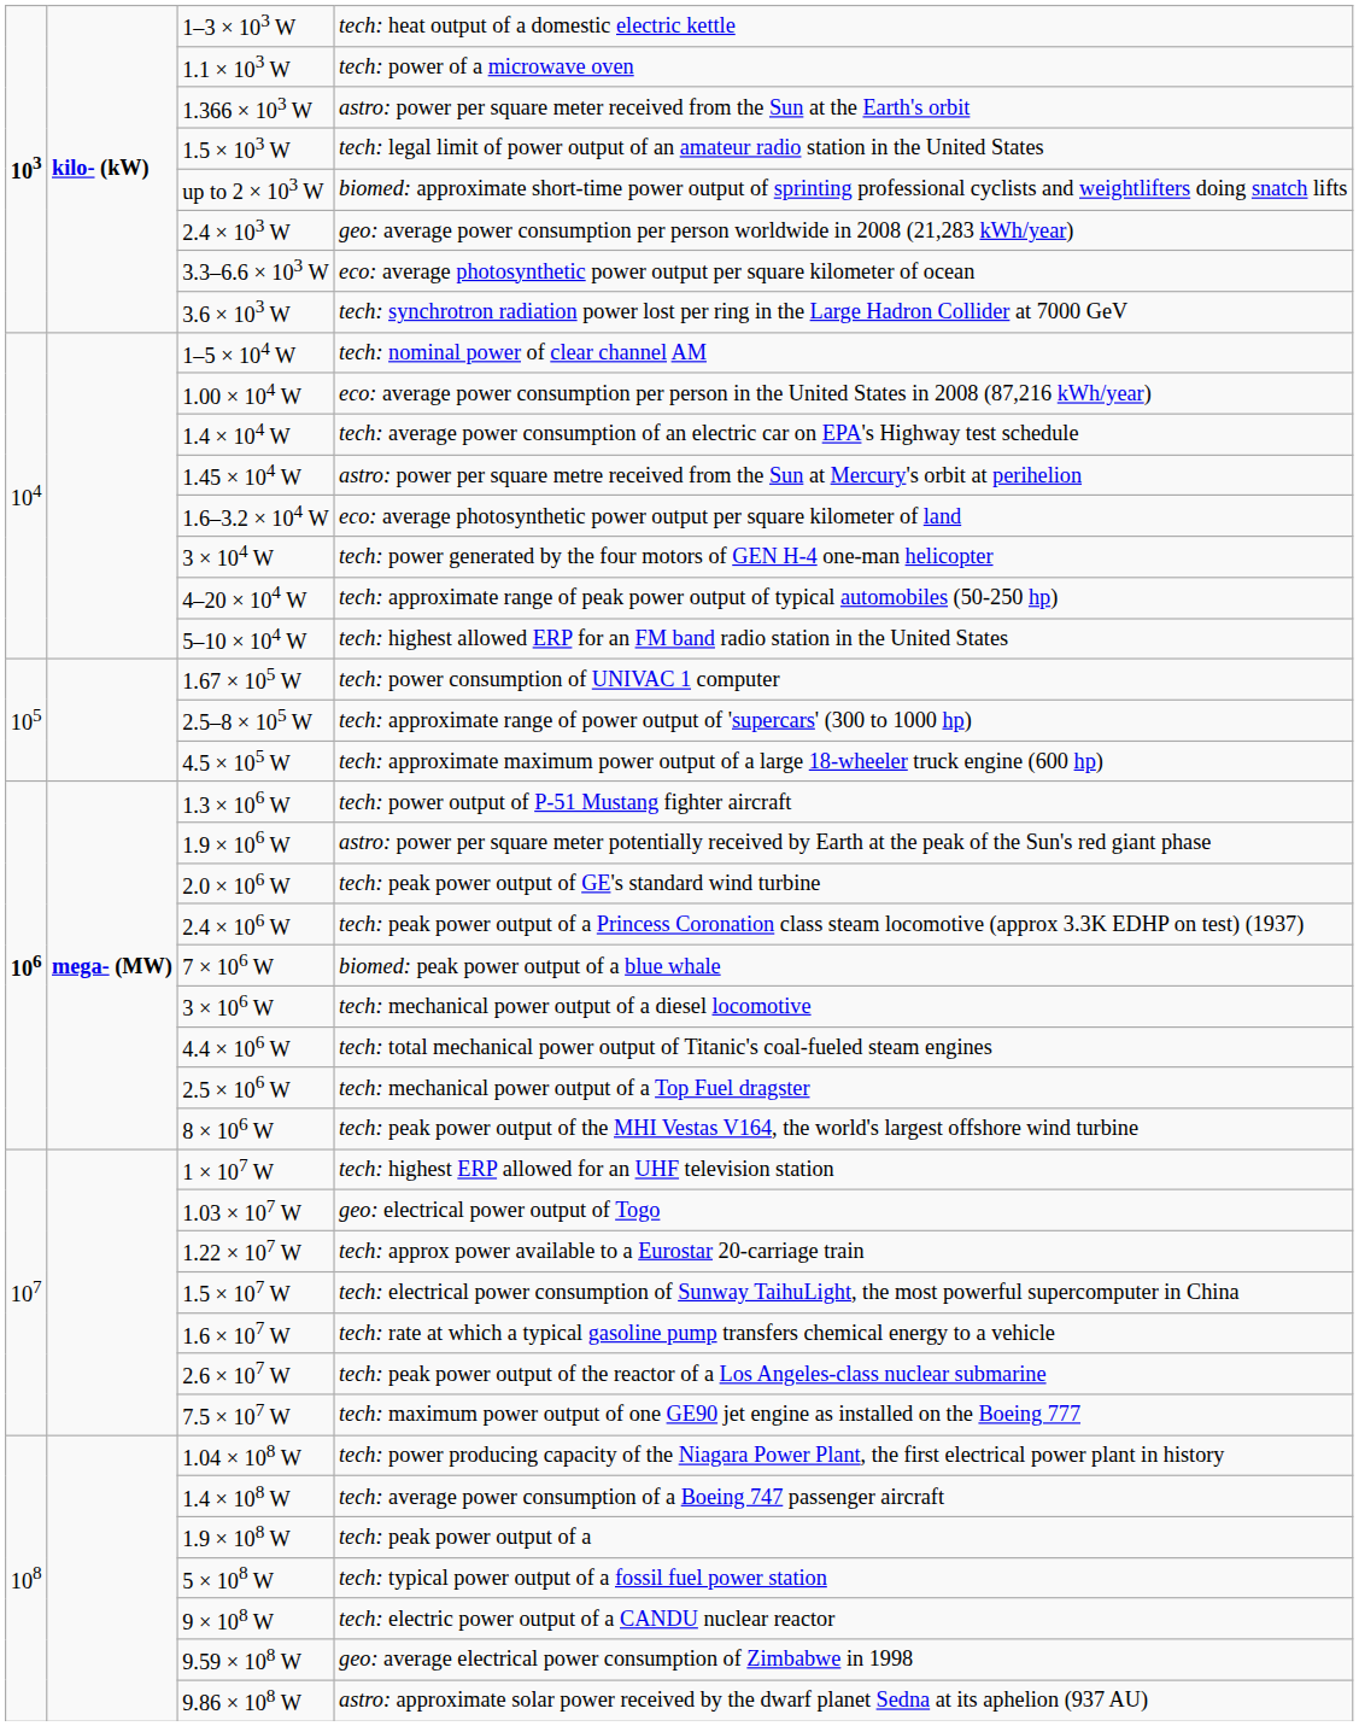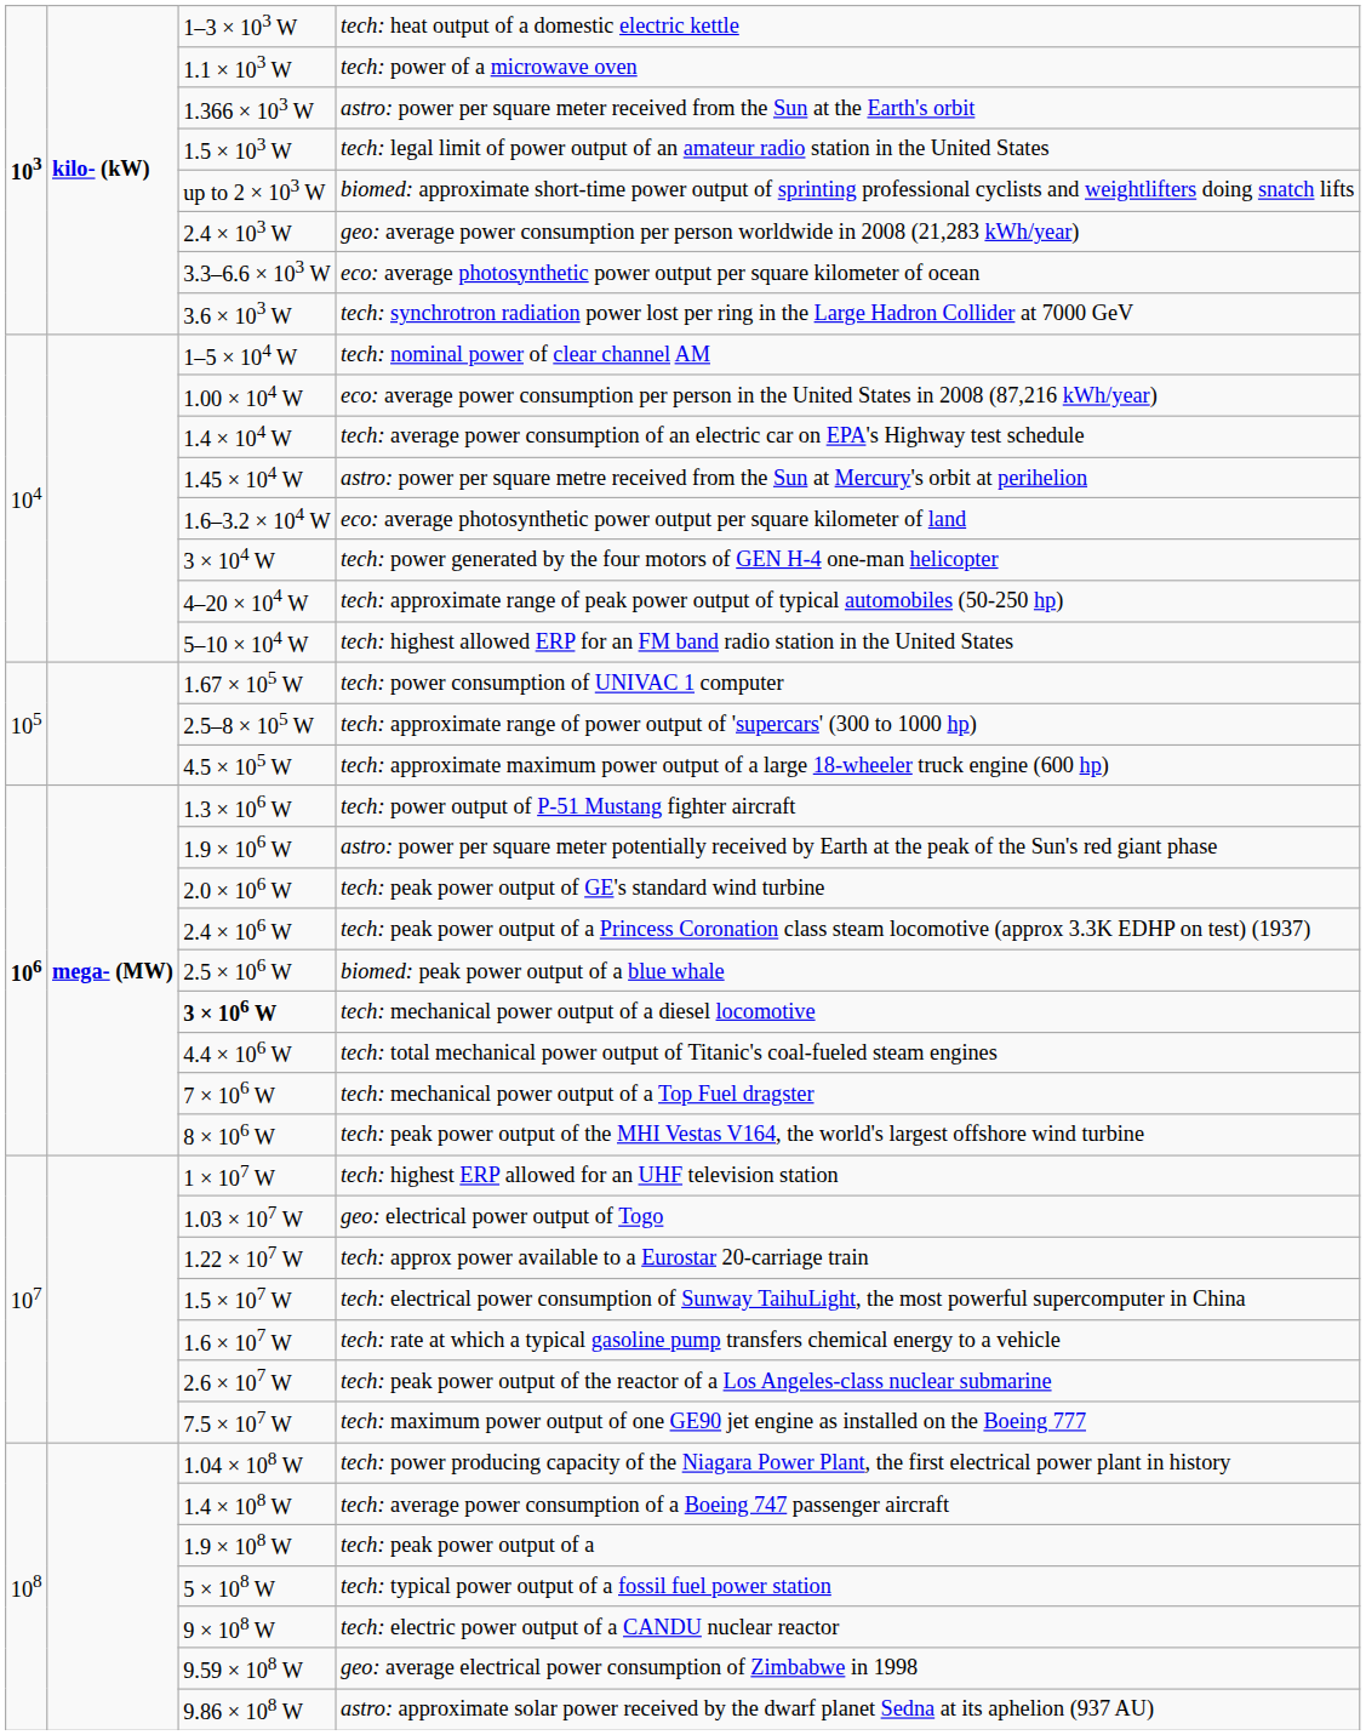 <table class="wikitable">
 <tr>
 <td rowspan=8><strong>10<sup>3</sup></strong></td>
 <td rowspan=8><strong><a href='#'>kilo-</a> (kW)</strong></td>
 <td>1–3 × 10<sup>3</sup> W</td>
 <td><em>tech:</em> heat output of a domestic <a href='#'>electric kettle</a></td>
 </tr>
 <tr>
 <td>1.1 × 10<sup>3</sup> W</td>
 <td><em>tech:</em> power of a <a href='#'>microwave oven</a></td>
 </tr>
 <tr>
 <td>1.366 × 10<sup>3</sup> W</td>
 <td><em>astro:</em> power per square meter received from the <a href='#'>Sun</a> at the <a href='#'>Earth's orbit</a></td>
 </tr>
 <tr>
 <td>1.5 × 10<sup>3</sup> W</td>
 <td><em>tech:</em> legal limit of power output of an <a href='#'>amateur radio</a> station in the United States</td>
 </tr>
 <tr>
 <td>up to 2 × 10<sup>3</sup> W</td>
 <td><em>biomed:</em> approximate short-time power output of <a href='#'>sprinting</a> professional cyclists and <a href='#'>weightlifters</a> doing <a href='#'>snatch</a> lifts</td>
 </tr>
 <tr>
 <td>2.4 × 10<sup>3</sup> W</td>
 <td><em>geo:</em> average power consumption per person worldwide in 2008 (21,283 <a href='#'>kWh/year</a>)</td>
 </tr>
 <tr>
 <td>3.3–6.6 × 10<sup>3</sup> W</td>
 <td><em>eco:</em> average <a href='#'>photosynthetic</a> power output per square kilometer of ocean</td>
 </tr>
 <tr>
 <td>3.6 × 10<sup>3</sup> W</td>
 <td><em>tech:</em> <a href='#'>synchrotron radiation</a> power lost per ring in the <a href='#'>Large Hadron Collider</a> at 7000 GeV</td>
 </tr>
 <tr>
 <td rowspan=8>10<sup>4</sup></td>
 <td rowspan=8></td>
 <td>1–5 × 10<sup>4</sup> W</td>
 <td><em>tech:</em> <a href='#'>nominal power</a> of <a href='#'>clear channel</a> <a href='#'>AM</a></td>
 </tr>
 <tr>
 <td>1.00 × 10<sup>4</sup> W</td>
 <td><em>eco:</em> average power consumption per person in the United States in 2008 (87,216 <a href='#'>kWh/year</a>)</td>
 </tr>
 <tr>
 <td>1.4 × 10<sup>4</sup> W</td>
 <td><em>tech:</em> average power consumption of an electric car on <a href='#'>EPA</a>'s Highway test schedule</td>
 </tr>
 <tr>
 <td>1.45 × 10<sup>4</sup> W</td>
 <td><em>astro:</em> power per square metre received from the <a href='#'>Sun</a> at <a href='#'>Mercury</a>'s orbit at <a href='#'>perihelion</a></td>
 </tr>
 <tr>
 <td>1.6–3.2 × 10<sup>4</sup> W</td>
 <td><em>eco:</em> average photosynthetic power output per square kilometer of <a href='#'>land</a></td>
 </tr>
 <tr>
 <td>3 × 10<sup>4</sup> W</td>
 <td><em>tech:</em> power generated by the four motors of <a href='#'>GEN H-4</a> one-man <a href='#'>helicopter</a></td>
 </tr>
 <tr>
 <td>4–20 × 10<sup>4</sup> W</td>
 <td><em>tech:</em> approximate range of peak power output of typical <a href='#'>automobiles</a> (50-250 <a href='#'>hp</a>)</td>
 </tr>
 <tr>
 <td>5–10 × 10<sup>4</sup> W</td>
 <td><em>tech:</em> highest allowed <a href='#'>ERP</a> for an <a href='#'>FM band</a> radio station in the United States</td>
 </tr>
 <tr>
 <td rowspan=3>10<sup>5</sup></td>
 <td rowspan=3></td>
 <td>1.67 × 10<sup>5</sup> W</td>
 <td><em>tech:</em> power consumption of <a href='#'>UNIVAC 1</a> computer</td>
 </tr>
 <tr>
 <td>2.5–8 × 10<sup>5</sup> W</td>
 <td><em>tech:</em> approximate range of power output of '<a href='#'>supercars</a>' (300 to 1000 <a href='#'>hp</a>)</td>
 </tr>
 <tr>
 <td>4.5 × 10<sup>5</sup> W</td>
 <td><em>tech:</em> approximate maximum power output of a large <a href='#'>18-wheeler</a> truck engine (600 <a href='#'>hp</a>)</td>
 </tr>
 <tr>
 <td rowspan="9"><strong>10<sup>6</sup></strong></td>
 <td rowspan="9"><strong><a href='#'>mega-</a> (MW)</strong></td>
 <td>1.3 × 10<sup>6</sup> W</td>
 <td><em>tech:</em> power output of <a href='#'>P-51 Mustang</a> fighter aircraft</td>
 </tr>
 <tr>
 <td>1.9 × 10<sup>6</sup> W</td>
 <td><em>astro:</em> power per square meter potentially received by Earth at the peak of the Sun's red giant phase</td>
 </tr>
 <tr>
 <td>2.0 × 10<sup>6</sup> W</td>
 <td><em>tech:</em> peak power output of <a href='#'>GE</a>'s standard wind turbine</td>
 </tr>
 <tr>
 <td>2.4 × 10<sup>6</sup> W</td>
 <td><em>tech:</em> peak power output of a <a href='#'>Princess Coronation</a> class steam locomotive (approx 3.3K EDHP on test) (1937)</td>
 </tr>
 <tr>
-<td>7 × 10<sup>6</sup> W</td>
+<td>2.5 × 10<sup>6</sup> W</td>
 <td><em>biomed:</em> peak power output of a <a href='#'>blue whale</a></td>
 </tr>
 <tr>
-<td>3 × 10<sup>6</sup> W</td>
+<td><strong>3 × 10<sup>6</sup> W</strong></td>
 <td><em>tech:</em> mechanical power output of a diesel <a href='#'>locomotive</a></td>
 </tr>
 <tr>
 <td>4.4 × 10<sup>6</sup> W</td>
 <td><em>tech:</em> total mechanical power output of Titanic's coal-fueled steam engines</td>
 </tr>
 <tr>
-<td>2.5 × 10<sup>6</sup> W</td>
+<td>7 × 10<sup>6</sup> W</td>
 <td><em>tech:</em> mechanical power output of a <a href='#'>Top Fuel dragster</a></td>
 </tr>
 <tr>
 <td>8 × 10<sup>6</sup> W</td>
 <td><em>tech:</em> peak power output of the <a href='#'>MHI Vestas V164</a>, the world's largest offshore wind turbine</td>
 </tr>
 <tr>
 <td rowspan="7">10<sup>7</sup></td>
 <td rowspan="7"></td>
 <td>1 × 10<sup>7</sup> W</td>
 <td><em>tech:</em> highest <a href='#'>ERP</a> allowed for an <a href='#'>UHF</a> television station</td>
 </tr>
 <tr>
 <td>1.03 × 10<sup>7</sup> W</td>
 <td><em>geo:</em> electrical power output of <a href='#'>Togo</a></td>
 </tr>
 <tr>
 <td>1.22 × 10<sup>7</sup> W</td>
 <td><em>tech:</em> approx power available to a <a href='#'>Eurostar</a> 20-carriage train</td>
 </tr>
 <tr>
 <td>1.5 × 10<sup>7</sup> W</td>
 <td><em>tech:</em> electrical power consumption of <a href='#'>Sunway TaihuLight</a>, the most powerful supercomputer in China</td>
 </tr>
 <tr>
 <td>1.6 × 10<sup>7</sup> W</td>
 <td><em>tech:</em> rate at which a typical <a href='#'>gasoline pump</a> transfers chemical energy to a vehicle</td>
 </tr>
 <tr>
 <td>2.6 × 10<sup>7</sup> W</td>
 <td><em>tech:</em> peak power output of the reactor of a <a href='#'>Los Angeles-class nuclear submarine</a></td>
 </tr>
 <tr>
 <td>7.5 × 10<sup>7</sup> W</td>
 <td><em>tech:</em> maximum power output of one <a href='#'>GE90</a> jet engine as installed on the <a href='#'>Boeing 777</a></td>
 </tr>
 <tr>
 <td rowspan="7">10<sup>8</sup></td>
 <td rowspan="7"></td>
 <td>1.04 × 10<sup>8</sup> W</td>
 <td><em>tech:</em> power producing capacity of the <a href='#'>Niagara Power Plant</a>, the first electrical power plant in history</td>
 </tr>
 <tr>
 <td>1.4 × 10<sup>8</sup> W</td>
 <td><em>tech:</em> average power consumption of a <a href='#'>Boeing 747</a> passenger aircraft</td>
 </tr>
 <tr>
 <td>1.9 × 10<sup>8</sup> W</td>
 <td><em>tech:</em> peak power output of a </td>
 </tr>
 <tr>
 <td>5 × 10<sup>8</sup> W</td>
 <td><em>tech:</em> typical power output of a <a href='#'>fossil fuel power station</a></td>
 </tr>
 <tr>
 <td>9 × 10<sup>8</sup> W</td>
 <td><em>tech:</em> electric power output of a <a href='#'>CANDU</a> nuclear reactor</td>
 </tr>
 <tr>
 <td>9.59 × 10<sup>8</sup> W</td>
 <td><em>geo:</em> average electrical power consumption of <a href='#'>Zimbabwe</a> in 1998</td>
 </tr>
 <tr>
 <td>9.86 × 10<sup>8</sup> W</td>
 <td><em>astro:</em> approximate solar power received by the dwarf planet <a href='#'>Sedna</a> at its aphelion (937 AU)</td>
 </tr>
 </table>
